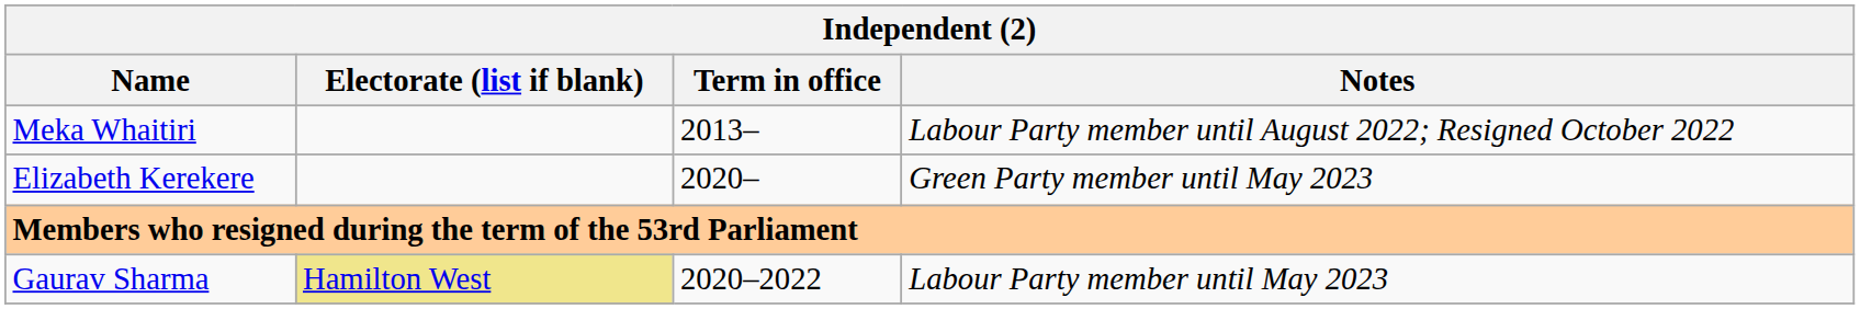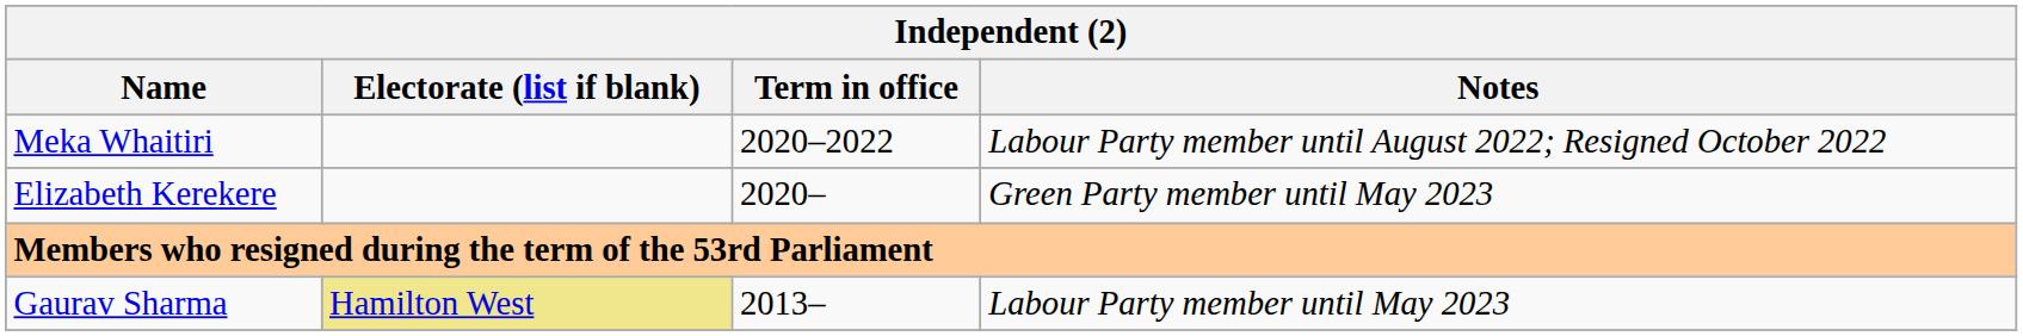 <table role="presentation" class="wikitable mw-collapsible mw-collapsed">
 <tr>
 <th colspan="6" style="width: 700pt; background: ">Independent (2)</th>
 </tr>
 <tr>
 <th>Name</th>
 <th>Electorate (<a href='#'>list</a> if blank)</th>
 <th>Term in office</th>
 <th>Notes</th>
 </tr>
 <tr>
 <td><a href='#'>Meka Whaitiri</a></td>
 <td></td>
-<td>2013–</td>
+<td>2020–2022</td>
 <td><em>Labour Party member until August 2022; Resigned October 2022</em></td>
 </tr>
 <tr>
 <td><a href='#'>Elizabeth Kerekere</a></td>
 <td></td>
 <td>2020–</td>
 <td><em>Green Party member until May 2023</em></td>
 </tr>
 <tr>
 <td bgcolor=#ffcc99 colspan=6><strong>Members who resigned during the term of the 53rd Parliament</strong></td>
 </tr>
 <tr>
 <td><a href='#'>Gaurav Sharma</a></td>
 <td style="background: khaki;"><a href='#'>Hamilton West</a></td>
-<td>2020–2022</td>
+<td>2013–</td>
 <td><em>Labour Party member until May 2023</em></td>
 </tr>
 </table>
